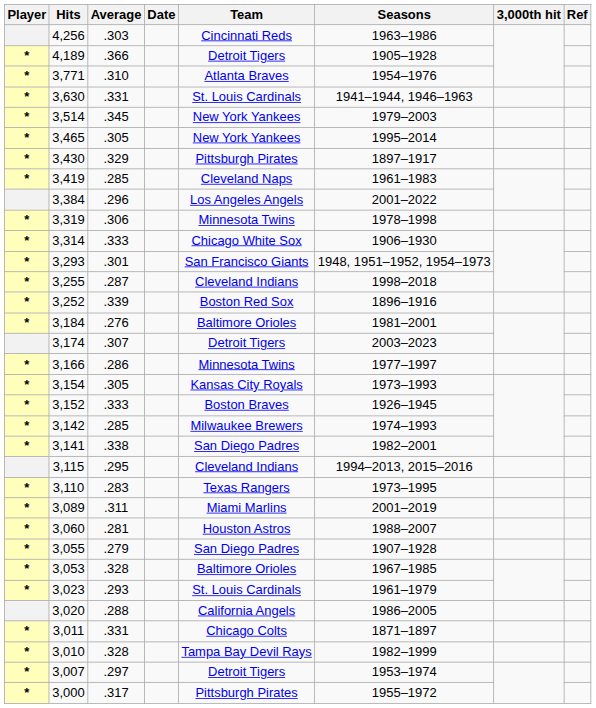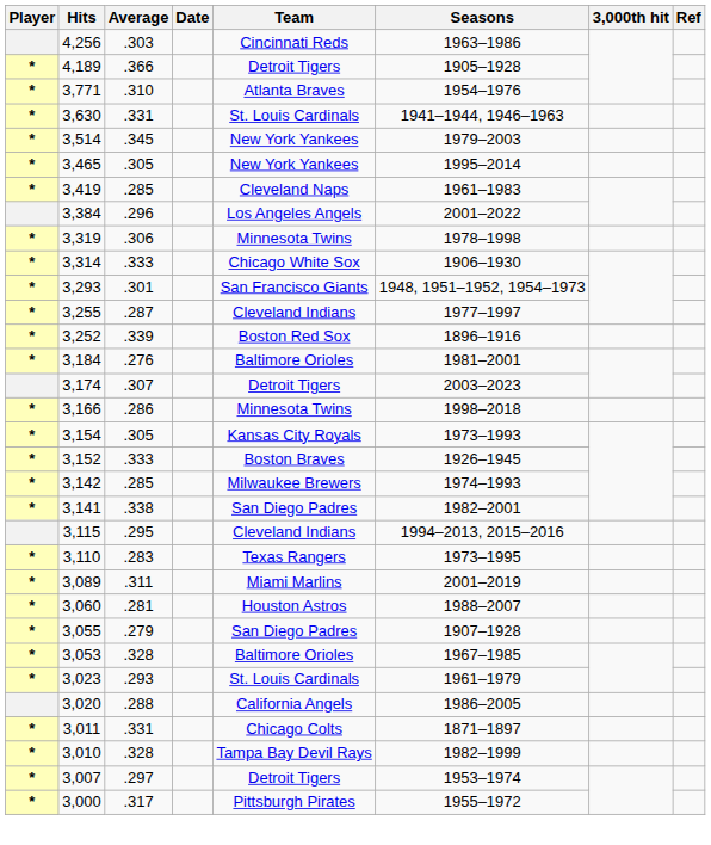 <table class="wikitable sortable mw-collapsible plainrowheaders" style="text-align:center;">
 <tr>
 <th>Player</th>
 <th>Hits</th>
 <th>Average</th>
 <th>Date</th>
 <th>Team</th>
 <th>Seasons</th>
 <th>3,000th hit</th>
 <th class="unsortable">Ref</th>
 </tr>
 <tr>
 <th scope="row" style="text-align:center"></th>
 <td>4,256</td>
 <td>.303</td>
 <td></td>
 <td><a href='#'>Cincinnati Reds</a></td>
 <td>1963–1986</td>
 <td rowspan="3"></td>
 <td></td>
 </tr>
 <tr>
 <th scope="row" style="text-align:center; background-color: #ffffbb">*</th>
 <td>4,189</td>
 <td>.366</td>
 <td></td>
 <td><a href='#'>Detroit Tigers</a></td>
 <td>1905–1928</td>
 <td></td>
 </tr>
 <tr>
 <th scope="row" style="text-align:center; background-color: #ffffbb">*</th>
 <td>3,771</td>
 <td>.310</td>
 <td></td>
 <td><a href='#'>Atlanta Braves</a></td>
 <td>1954–1976</td>
 <td></td>
 </tr>
 <tr>
 <th scope="row" style="text-align:center; background-color: #ffffbb">*</th>
 <td>3,630</td>
 <td>.331</td>
 <td></td>
 <td><a href='#'>St. Louis Cardinals</a></td>
 <td>1941–1944, 1946–1963</td>
 <td></td>
 <td></td>
 </tr>
 <tr>
 <th scope="row" style="text-align:center; background-color: #ffffbb">*</th>
 <td>3,514</td>
 <td>.345</td>
 <td></td>
 <td><a href='#'>New York Yankees</a></td>
 <td>1979–2003</td>
 <td></td>
 <td></td>
 </tr>
 <tr>
 <th scope="row" style="text-align:center; background-color: #ffffbb">*</th>
 <td>3,465</td>
 <td>.305</td>
 <td></td>
 <td><a href='#'>New York Yankees</a></td>
 <td>1995–2014</td>
 <td></td>
 <td></td>
 </tr>
 <tr>
 <th scope="row" style="text-align:center; background-color: #ffffbb">*</th>
-<td>3,430</td>
-<td>.329</td>
-<td></td>
-<td><a href='#'>Pittsburgh Pirates</a></td>
-<td>1897–1917</td>
-<td></td>
-<td></td>
-</tr>
-<tr>
-<th scope="row" style="text-align:center; background-color: #ffffbb">*</th>
 <td>3,419</td>
 <td>.285</td>
 <td></td>
 <td><a href='#'>Cleveland Naps</a></td>
 <td>1961–1983</td>
 <td rowspan="2"></td>
 <td></td>
 </tr>
 <tr>
 <th scope="row" style="text-align:center"></th>
 <td>3,384</td>
 <td>.296</td>
 <td></td>
 <td><a href='#'>Los Angeles Angels</a></td>
 <td>2001–2022</td>
 <td></td>
 </tr>
 <tr>
 <th scope="row" style="text-align:center; background-color: #ffffbb">*</th>
 <td>3,319</td>
 <td>.306</td>
 <td></td>
 <td><a href='#'>Minnesota Twins</a></td>
 <td>1978–1998</td>
 <td></td>
 <td></td>
 </tr>
 <tr>
 <th scope="row" style="text-align:center; background-color: #ffffbb">*</th>
 <td>3,314</td>
 <td>.333</td>
 <td></td>
 <td><a href='#'>Chicago White Sox</a></td>
 <td>1906–1930</td>
 <td rowspan="3"></td>
 <td></td>
 </tr>
 <tr>
 <th scope="row" style="text-align:center; background-color: #ffffbb">*</th>
 <td>3,293</td>
 <td>.301</td>
 <td></td>
 <td><a href='#'>San Francisco Giants</a></td>
 <td>1948, 1951–1952, 1954–1973</td>
 <td></td>
 </tr>
 <tr>
 <th scope="row" style="text-align:center; background-color: #ffffbb">*</th>
 <td>3,255</td>
 <td>.287</td>
 <td></td>
 <td><a href='#'>Cleveland Indians</a></td>
-<td>1998–2018</td>
+<td>1977–1997</td>
 <td></td>
 </tr>
 <tr>
 <th scope="row" style="text-align:center; background-color: #ffffbb">*</th>
 <td>3,252</td>
 <td>.339</td>
 <td></td>
 <td><a href='#'>Boston Red Sox</a></td>
 <td>1896–1916</td>
 <td></td>
 <td></td>
 </tr>
 <tr>
 <th scope="row" style="text-align:center; background-color: #ffffbb">*</th>
 <td>3,184</td>
 <td>.276</td>
 <td></td>
 <td><a href='#'>Baltimore Orioles</a></td>
 <td>1981–2001</td>
 <td rowspan="2"></td>
 <td></td>
 </tr>
 <tr>
 <th scope="row" style="text-align:center"></th>
 <td>3,174</td>
 <td>.307</td>
 <td></td>
 <td><a href='#'>Detroit Tigers</a></td>
 <td>2003–2023</td>
 <td></td>
 </tr>
 <tr>
 <th scope="row" style="text-align:center; background-color: #ffffbb">*</th>
 <td>3,166</td>
 <td>.286</td>
 <td></td>
 <td><a href='#'>Minnesota Twins</a></td>
-<td>1977–1997</td>
+<td>1998–2018</td>
 <td></td>
 <td></td>
 </tr>
 <tr>
 <th scope="row" style="text-align:center; background-color: #ffffbb">*</th>
 <td>3,154</td>
 <td>.305</td>
 <td></td>
 <td><a href='#'>Kansas City Royals</a></td>
 <td>1973–1993</td>
 <td rowspan="4"></td>
 <td></td>
 </tr>
 <tr>
 <th scope="row" style="text-align:center; background-color: #ffffbb">*</th>
 <td>3,152</td>
 <td>.333</td>
 <td></td>
 <td><a href='#'>Boston Braves</a></td>
 <td>1926–1945</td>
 <td></td>
 </tr>
 <tr>
 <th scope="row" style="text-align:center; background-color: #ffffbb">*</th>
 <td>3,142</td>
 <td>.285</td>
 <td></td>
 <td><a href='#'>Milwaukee Brewers</a></td>
 <td>1974–1993</td>
 <td></td>
 </tr>
 <tr>
 <th scope="row" style="text-align:center; background-color: #ffffbb">*</th>
 <td>3,141</td>
 <td>.338</td>
 <td></td>
 <td><a href='#'>San Diego Padres</a></td>
 <td>1982–2001</td>
 <td></td>
 </tr>
 <tr>
 <th scope="row" style="text-align:center;"></th>
 <td>3,115</td>
 <td>.295</td>
 <td></td>
 <td><a href='#'>Cleveland Indians</a></td>
 <td>1994–2013, 2015–2016</td>
 <td></td>
 <td></td>
 </tr>
 <tr>
 <th scope="row" style="text-align:center; background-color: #ffffbb">*</th>
 <td>3,110</td>
 <td>.283</td>
 <td></td>
 <td><a href='#'>Texas Rangers</a></td>
 <td>1973–1995</td>
 <td></td>
 <td></td>
 </tr>
 <tr>
 <th scope="row" style="text-align:center; background-color: #ffffbb">*</th>
 <td>3,089</td>
 <td>.311</td>
 <td></td>
 <td><a href='#'>Miami Marlins</a></td>
 <td>2001–2019</td>
 <td></td>
 <td></td>
 </tr>
 <tr>
 <th scope="row" style="text-align:center; background-color: #ffffbb">*</th>
 <td>3,060</td>
 <td>.281</td>
 <td></td>
 <td><a href='#'>Houston Astros</a></td>
 <td>1988–2007</td>
 <td></td>
 <td></td>
 </tr>
 <tr>
 <th scope="row" style="text-align:center; background-color: #ffffbb">*</th>
 <td>3,055</td>
 <td>.279</td>
 <td></td>
 <td><a href='#'>San Diego Padres</a></td>
 <td>1907–1928</td>
 <td></td>
 <td></td>
 </tr>
 <tr>
 <th scope="row" style="text-align:center; background-color: #ffffbb">*</th>
 <td>3,053</td>
 <td>.328</td>
 <td></td>
 <td><a href='#'>Baltimore Orioles</a></td>
 <td>1967–1985</td>
 <td rowspan="2"></td>
 <td></td>
 </tr>
 <tr>
 <th scope="row" style="text-align:center; background-color: #ffffbb">*</th>
 <td>3,023</td>
 <td>.293</td>
 <td></td>
 <td><a href='#'>St. Louis Cardinals</a></td>
 <td>1961–1979</td>
 <td></td>
 </tr>
 <tr>
 <th scope="row" style="text-align:center;"></th>
 <td>3,020</td>
 <td>.288</td>
 <td></td>
 <td><a href='#'>California Angels</a></td>
 <td>1986–2005</td>
 <td></td>
 <td></td>
 </tr>
 <tr>
 <th scope="row" style="text-align:center; background-color: #ffffbb">*</th>
 <td>3,011</td>
 <td>.331</td>
 <td></td>
 <td><a href='#'>Chicago Colts</a></td>
 <td>1871–1897</td>
 <td></td>
 <td></td>
 </tr>
 <tr>
 <th scope="row" style="text-align:center; background-color: #ffffbb">*</th>
 <td>3,010</td>
 <td>.328</td>
 <td></td>
 <td><a href='#'>Tampa Bay Devil Rays</a></td>
 <td>1982–1999</td>
 <td></td>
 <td></td>
 </tr>
 <tr>
 <th scope="row" style="text-align:center; background-color: #ffffbb">*</th>
 <td>3,007</td>
 <td>.297</td>
 <td></td>
 <td><a href='#'>Detroit Tigers</a></td>
 <td>1953–1974</td>
 <td rowspan="2"></td>
 <td></td>
 </tr>
 <tr>
 <th scope="row" style="text-align:center; background-color: #ffffbb">*</th>
 <td>3,000</td>
 <td>.317</td>
 <td></td>
 <td><a href='#'>Pittsburgh Pirates</a></td>
 <td>1955–1972</td>
 <td></td>
 </tr>
 </table>
